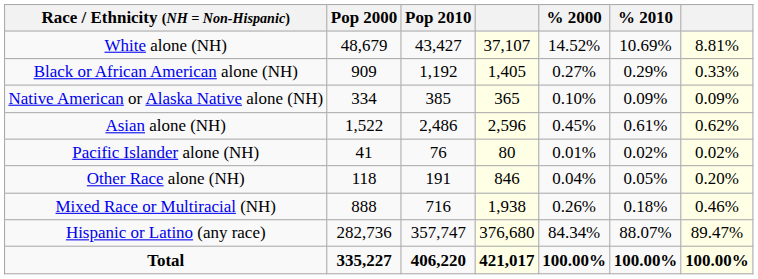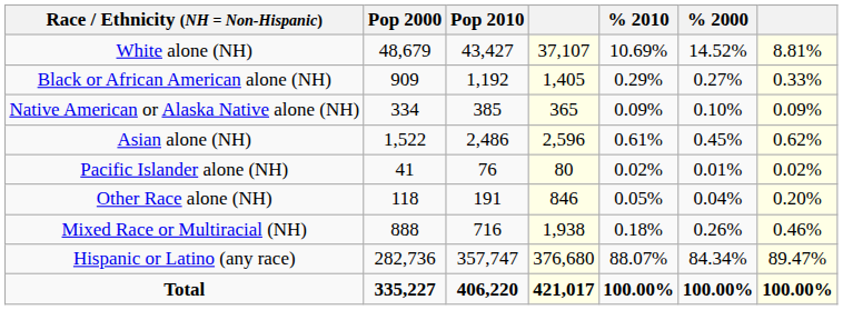 <table class="wikitable" style="text-align:center;">
 <tr>
 <th>Race / Ethnicity <small>(<em>NH = Non-Hispanic</em>)</small></th>
 <th>Pop 2000</th>
 <th>Pop 2010</th>
 <th></th>
+<th>% 2010</th>
 <th>% 2000</th>
-<th>% 2010</th>
 <th></th>
 </tr>
 <tr>
 <td><a href='#'>White</a> alone (NH)</td>
 <td>48,679</td>
 <td>43,427</td>
 <td style='background: #ffffe6;'>37,107</td>
+<td>10.69%</td>
 <td>14.52%</td>
-<td>10.69%</td>
 <td style='background: #ffffe6;'>8.81%</td>
 </tr>
 <tr>
 <td><a href='#'>Black or African American</a> alone (NH)</td>
 <td>909</td>
 <td>1,192</td>
 <td style='background: #ffffe6;'>1,405</td>
+<td>0.29%</td>
 <td>0.27%</td>
-<td>0.29%</td>
 <td style='background: #ffffe6;'>0.33%</td>
 </tr>
 <tr>
 <td><a href='#'>Native American</a> or <a href='#'>Alaska Native</a> alone (NH)</td>
 <td>334</td>
 <td>385</td>
 <td style='background: #ffffe6;'>365</td>
+<td>0.09%</td>
 <td>0.10%</td>
-<td>0.09%</td>
 <td style='background: #ffffe6;'>0.09%</td>
 </tr>
 <tr>
 <td><a href='#'>Asian</a> alone (NH)</td>
 <td>1,522</td>
 <td>2,486</td>
 <td style='background: #ffffe6;'>2,596</td>
+<td>0.61%</td>
 <td>0.45%</td>
-<td>0.61%</td>
 <td style='background: #ffffe6;'>0.62%</td>
 </tr>
 <tr>
 <td><a href='#'>Pacific Islander</a> alone (NH)</td>
 <td>41</td>
 <td>76</td>
 <td style='background: #ffffe6;'>80</td>
+<td>0.02%</td>
 <td>0.01%</td>
-<td>0.02%</td>
 <td style='background: #ffffe6;'>0.02%</td>
 </tr>
 <tr>
 <td><a href='#'> Other Race</a> alone (NH)</td>
 <td>118</td>
 <td>191</td>
 <td style='background: #ffffe6;'>846</td>
+<td>0.05%</td>
 <td>0.04%</td>
-<td>0.05%</td>
 <td style='background: #ffffe6;'>0.20%</td>
 </tr>
 <tr>
 <td><a href='#'>Mixed Race or Multiracial</a> (NH)</td>
 <td>888</td>
 <td>716</td>
 <td style='background: #ffffe6;'>1,938</td>
+<td>0.18%</td>
 <td>0.26%</td>
-<td>0.18%</td>
 <td style='background: #ffffe6;'>0.46%</td>
 </tr>
 <tr>
 <td><a href='#'>Hispanic or Latino</a> (any race)</td>
 <td>282,736</td>
 <td>357,747</td>
 <td style='background: #ffffe6;'>376,680</td>
+<td>88.07%</td>
 <td>84.34%</td>
-<td>88.07%</td>
 <td style='background: #ffffe6;'>89.47%</td>
 </tr>
 <tr>
 <td><strong>Total</strong></td>
 <td><strong>335,227</strong></td>
 <td><strong>406,220</strong></td>
 <td style='background: #ffffe6;'><strong>421,017</strong></td>
 <td><strong>100.00%</strong></td>
 <td><strong>100.00%</strong></td>
 <td style='background: #ffffe6;'><strong>100.00%</strong></td>
 </tr>
 </table>
